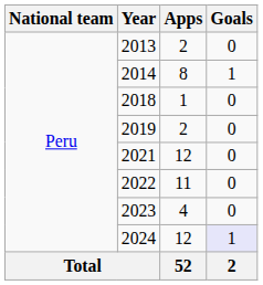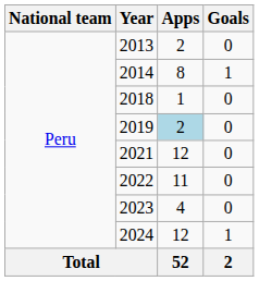 <table class="wikitable" style="text-align:center">
 <tr>
 <th>National team</th>
 <th>Year</th>
 <th>Apps</th>
 <th>Goals</th>
 </tr>
 <tr>
 <td rowspan="8"><a href='#'>Peru</a></td>
 <td>2013</td>
 <td>2</td>
 <td>0</td>
 </tr>
 <tr>
 <td>2014</td>
 <td>8</td>
 <td>1</td>
 </tr>
 <tr>
 <td>2018</td>
 <td>1</td>
 <td>0</td>
 </tr>
 <tr>
 <td>2019</td>
-<td>2</td>
+<td style="background: lightblue;">2</td>
 <td>0</td>
 </tr>
 <tr>
 <td>2021</td>
 <td>12</td>
 <td>0</td>
 </tr>
 <tr>
 <td>2022</td>
 <td>11</td>
 <td>0</td>
 </tr>
 <tr>
 <td>2023</td>
 <td>4</td>
 <td>0</td>
 </tr>
 <tr>
 <td>2024</td>
 <td>12</td>
-<td style="background: lavender;">1</td>
+<td>1</td>
 </tr>
 <tr>
 <th colspan="2">Total</th>
 <th>52</th>
 <th>2</th>
 </tr>
 </table>
